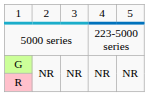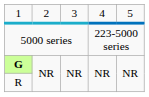 <table class="wikitable" style="text-align:center;">
 <tr>
 <td style="width:2em; border-bottom:solid 4px #1cadca;">1</td>
 <td style="width:2em; border-bottom:solid 4px #1cadca;">2</td>
 <td style="width:2em; border-bottom:solid 4px #1cadca;">3</td>
 <td style="width:2em; border-bottom:solid 4px #0072bc;">4</td>
 <td style="width:2em; border-bottom:solid 4px #0072bc;">5</td>
 </tr>
 <tr>
 <td colspan="3">5000 series</td>
 <td colspan="2">223-5000 series</td>
 </tr>
 <tr>
-<td style="background-color:#cf9;">G</td>
+<td style="background-color:#cf9;"><strong>G</strong></td>
 <td rowspan="2">NR</td>
 <td rowspan="2">NR</td>
 <td rowspan="2">NR</td>
 <td rowspan="2">NR</td>
 </tr>
 <tr>
-<td style="background: pink;">R</td>
+<td>R</td>
 </tr>
 </table>
